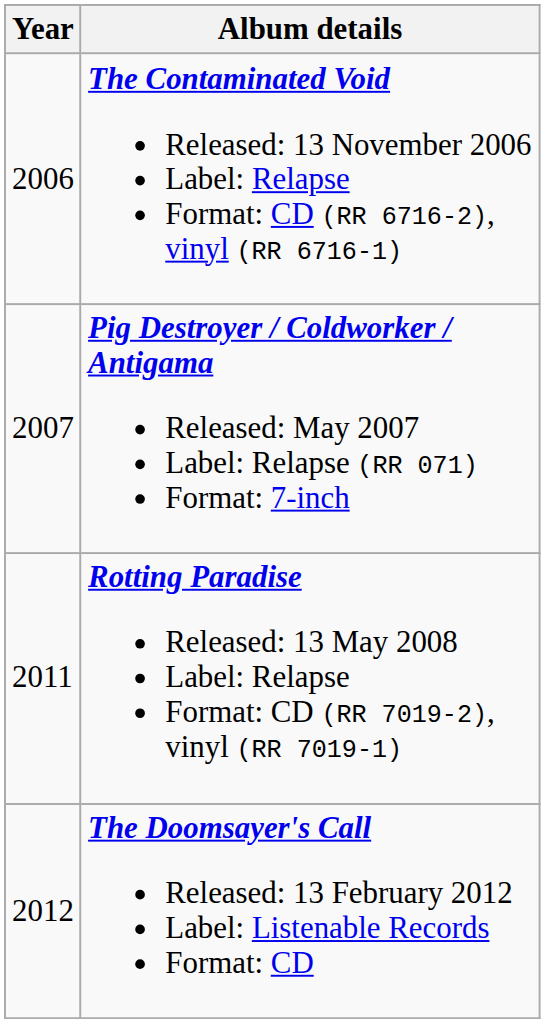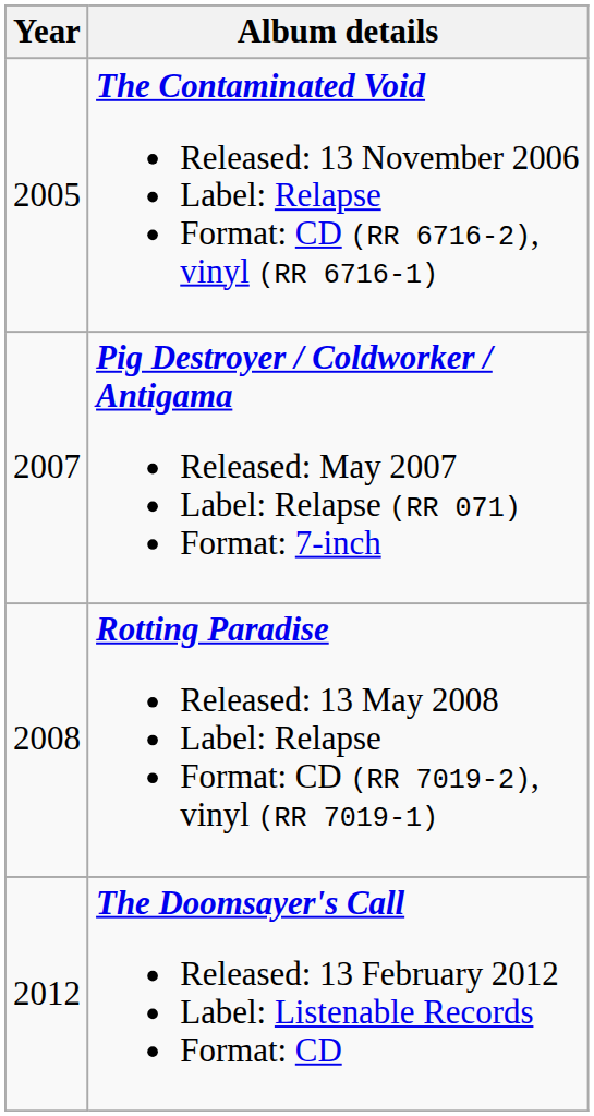 <table class="wikitable">
 <tr>
 <th>Year</th>
 <th style="width:230px;">Album details</th>
 </tr>
 <tr>
-<td>2006</td>
+<td>2005</td>
 <td><strong><em><a href='#'>The Contaminated Void</a></em></strong><br><ul><li>Released: 13 November 2006</li><li>Label: <a href='#'>Relapse</a></li><li>Format: <a href='#'>CD</a> <code>(RR 6716-2)</code>,<br><a href='#'>vinyl</a> <code>(RR 6716-1)</code></li></ul></td>
 </tr>
 <tr>
 <td>2007</td>
 <td><strong><em><a href='#'>Pig Destroyer / Coldworker / Antigama</a></em></strong><br><ul><li>Released: May 2007</li><li>Label: Relapse <code>(RR 071)</code></li><li>Format: <a href='#'>7-inch</a></li></ul></td>
 </tr>
 <tr>
-<td>2011</td>
+<td>2008</td>
 <td><strong><em><a href='#'>Rotting Paradise</a></em></strong><br><ul><li>Released: 13 May 2008</li><li>Label: Relapse</li><li>Format: CD <code>(RR 7019-2)</code>,<br> vinyl <code>(RR 7019-1)</code></li></ul></td>
 </tr>
 <tr>
 <td>2012</td>
 <td><strong><em><a href='#'>The Doomsayer's Call</a></em></strong><br><ul><li>Released: 13 February 2012</li><li>Label: <a href='#'>Listenable Records</a></li><li>Format: <a href='#'>CD</a></li></ul></td>
 </tr>
 </table>
